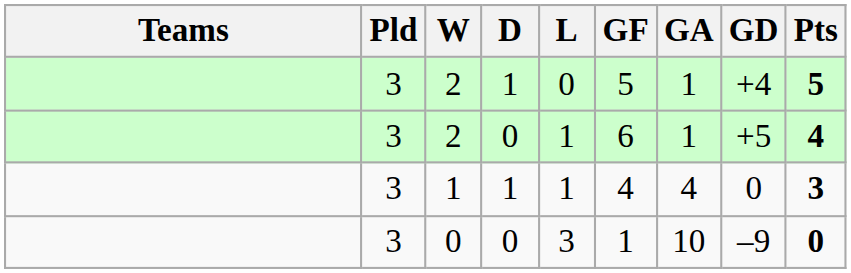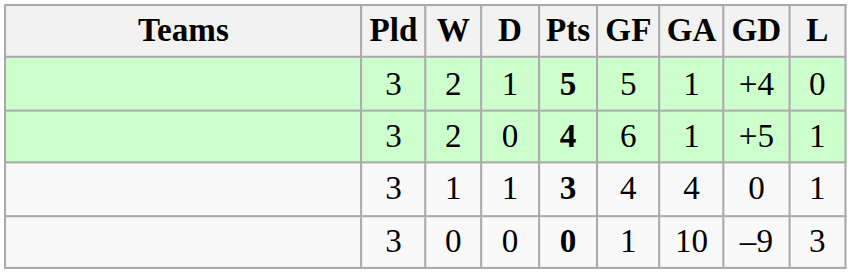 <table class="wikitable" style="text-align: center;">
 <tr>
 <th width=165>Teams</th>
 <th width=20>Pld</th>
 <th width=20>W</th>
 <th width=20>D</th>
-<th width=20>L</th>
+<th width=20>Pts</th>
 <th width=20>GF</th>
 <th width=20>GA</th>
 <th width=20>GD</th>
-<th width=20>Pts</th>
+<th width=20>L</th>
 </tr>
 <tr align=center style="background:#ccffcc;">
 <td style="text-align:left;"></td>
 <td>3</td>
 <td>2</td>
 <td>1</td>
-<td>0</td>
+<td><strong>5</strong></td>
 <td>5</td>
 <td>1</td>
 <td>+4</td>
-<td><strong>5</strong></td>
+<td>0</td>
 </tr>
 <tr align=center style="background:#ccffcc;">
 <td style="text-align:left;"></td>
 <td>3</td>
 <td>2</td>
 <td>0</td>
-<td>1</td>
+<td><strong>4</strong></td>
 <td>6</td>
 <td>1</td>
 <td>+5</td>
-<td><strong>4</strong></td>
+<td>1</td>
 </tr>
 <tr align=center>
 <td style="text-align:left;"></td>
 <td>3</td>
 <td>1</td>
 <td>1</td>
-<td>1</td>
+<td><strong>3</strong></td>
 <td>4</td>
 <td>4</td>
 <td>0</td>
-<td><strong>3</strong></td>
+<td>1</td>
 </tr>
 <tr align=center>
 <td style="text-align:left;"></td>
 <td>3</td>
 <td>0</td>
 <td>0</td>
-<td>3</td>
+<td><strong>0</strong></td>
 <td>1</td>
 <td>10</td>
 <td>–9</td>
-<td><strong>0</strong></td>
+<td>3</td>
 </tr>
 </table>
